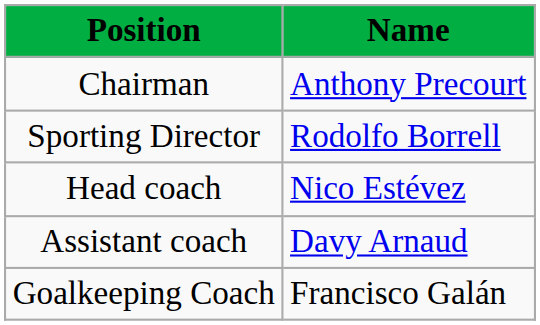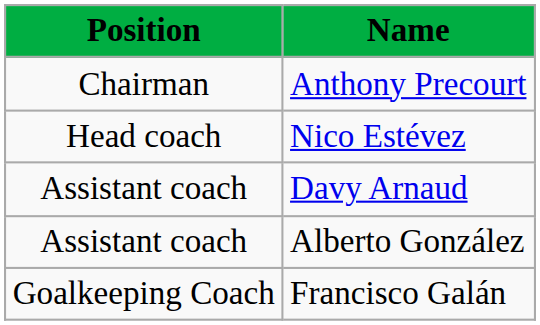 <table class="wikitable" style="text-align:center;">
 <tr>
 <th style="background:#00AE42; color:black;">Position</th>
 <th style="background:#00AE42; color:black;">Name</th>
 </tr>
 <tr>
 <td>Chairman</td>
 <td align=left> <a href='#'>Anthony Precourt</a></td>
 </tr>
 <tr>
-<td>Sporting Director</td>
-<td align=left> <a href='#'>Rodolfo Borrell</a></td>
-</tr>
-<tr>
 <td>Head coach</td>
 <td align=left> <a href='#'>Nico Estévez</a></td>
 </tr>
 <tr>
 <td>Assistant coach</td>
 <td align=left> <a href='#'>Davy Arnaud</a></td>
 </tr>
 <tr>
+<td>Assistant coach</td>
+<td align=left> Alberto González</td>
+</tr>
+<tr>
 <td>Goalkeeping Coach</td>
 <td align=left> Francisco Galán</td>
 </tr>
 </table>
